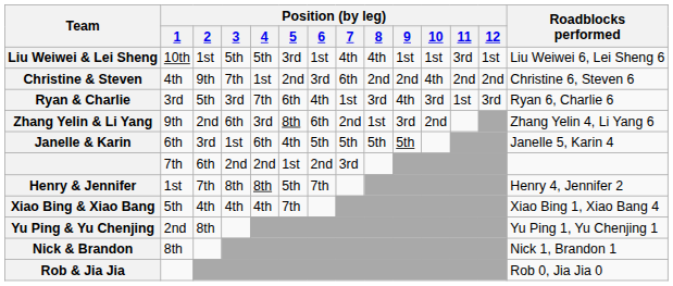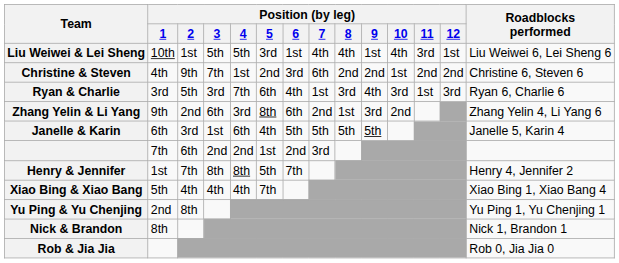 <table class="wikitable" style="white-space:nowrap; font-size:95%;">
 <tr>
 <th rowspan="2">Team</th>
 <th colspan="12">Position (by leg)</th>
 <th rowspan="2">Roadblocks<br>performed</th>
 </tr>
 <tr>
 <th><a href='#'>1</a></th>
 <th><a href='#'>2</a></th>
 <th><a href='#'>3</a></th>
 <th><a href='#'>4</a></th>
 <th><a href='#'>5</a></th>
 <th><a href='#'>6</a></th>
 <th><a href='#'>7</a></th>
 <th><a href='#'>8</a></th>
 <th><span></span><a href='#'>9</a><span></span></th>
 <th><a href='#'>10</a></th>
 <th><a href='#'>11</a></th>
 <th><a href='#'>12</a></th>
 </tr>
 <tr>
 <th>Liu Weiwei & Lei Sheng</th>
 <td><span><u>10th</u></span></td>
 <td>1st</td>
 <td>5th</td>
 <td>5th</td>
 <td>3rd</td>
 <td>1st</td>
 <td>4th</td>
 <td>4th</td>
 <td>1st</td>
-<td>1st</td>
+<td>4th</td>
 <td>3rd</td>
 <td>1st</td>
 <td>Liu Weiwei 6, Lei Sheng 6</td>
 </tr>
 <tr>
 <th>Christine & Steven</th>
 <td>4th</td>
 <td>9th</td>
 <td>7th</td>
 <td>1st</td>
 <td>2nd</td>
 <td>3rd</td>
 <td>6th</td>
 <td>2nd</td>
 <td>2nd</td>
-<td>4th</td>
+<td>1st</td>
 <td>2nd</td>
 <td>2nd</td>
 <td>Christine 6, Steven 6</td>
 </tr>
 <tr>
 <th>Ryan & Charlie</th>
 <td>3rd</td>
 <td>5th</td>
 <td>3rd</td>
 <td>7th</td>
 <td>6th</td>
 <td>4th</td>
 <td>1st</td>
 <td>3rd</td>
 <td>4th</td>
 <td>3rd</td>
 <td>1st</td>
 <td>3rd</td>
 <td>Ryan 6, Charlie 6</td>
 </tr>
 <tr>
 <th>Zhang Yelin & Li Yang</th>
 <td>9th</td>
 <td>2nd</td>
 <td>6th</td>
 <td>3rd</td>
 <td><span><u>8th</u></span></td>
 <td>6th</td>
 <td>2nd</td>
 <td>1st</td>
 <td>3rd</td>
 <td>2nd</td>
 <td></td>
 <td bgcolor="darkgray" colspan="1"></td>
 <td>Zhang Yelin 4, Li Yang 6</td>
 </tr>
 <tr>
 <th>Janelle & Karin</th>
 <td>6th</td>
 <td>3rd</td>
 <td>1st</td>
 <td>6th</td>
 <td>4th</td>
 <td>5th</td>
 <td>5th</td>
 <td>5th</td>
 <td><span><u>5th</u></span></td>
 <td></td>
 <td bgcolor="darkgray" colspan="2"></td>
 <td>Janelle 5, Karin 4</td>
 </tr>
 <tr>
 <th></th>
 <td>7th</td>
 <td>6th</td>
 <td>2nd</td>
 <td>2nd</td>
 <td>1st</td>
 <td>2nd</td>
 <td>3rd</td>
 <td></td>
 <td bgcolor="darkgray" colspan="4"></td>
 <td></td>
 </tr>
 <tr>
 <th>Henry & Jennifer</th>
 <td>1st</td>
 <td>7th</td>
 <td>8th</td>
 <td><span><u>8th</u></span></td>
 <td>5th</td>
 <td>7th</td>
 <td></td>
 <td bgcolor="darkgray" colspan="5"></td>
 <td>Henry 4, Jennifer 2</td>
 </tr>
 <tr>
 <th>Xiao Bing & Xiao Bang</th>
 <td>5th</td>
 <td>4th</td>
 <td>4th</td>
 <td>4th</td>
 <td>7th</td>
 <td></td>
 <td bgcolor="darkgray" colspan="6"></td>
 <td>Xiao Bing 1, Xiao Bang 4</td>
 </tr>
 <tr>
 <th>Yu Ping & Yu Chenjing</th>
 <td>2nd</td>
 <td>8th</td>
 <td></td>
 <td bgcolor="darkgray" colspan="9"></td>
 <td>Yu Ping 1, Yu Chenjing 1</td>
 </tr>
 <tr>
 <th>Nick & Brandon</th>
 <td>8th</td>
 <td></td>
 <td bgcolor="darkgray" colspan="10"></td>
 <td>Nick 1, Brandon 1</td>
 </tr>
 <tr>
 <th>Rob & Jia Jia</th>
 <td></td>
 <td bgcolor="darkgray" colspan="11"></td>
 <td>Rob 0, Jia Jia 0</td>
 </tr>
 </table>
